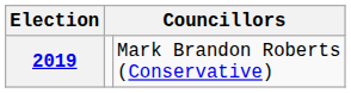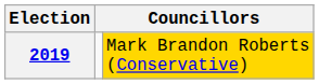 <table class="wikitable">
 <tr>
 <th>Election</th>
 <th colspan="2">Councillors</th>
 </tr>
 <tr>
 <th><a href='#'>2019</a></th>
 <td rowspan="5" style="background-color: "></td>
-<td>Mark Brandon Roberts<br>(<a href='#'>Conservative</a>)</td>
+<td style="background: gold;">Mark Brandon Roberts<br>(<a href='#'>Conservative</a>)</td>
 </tr>
 </table>
